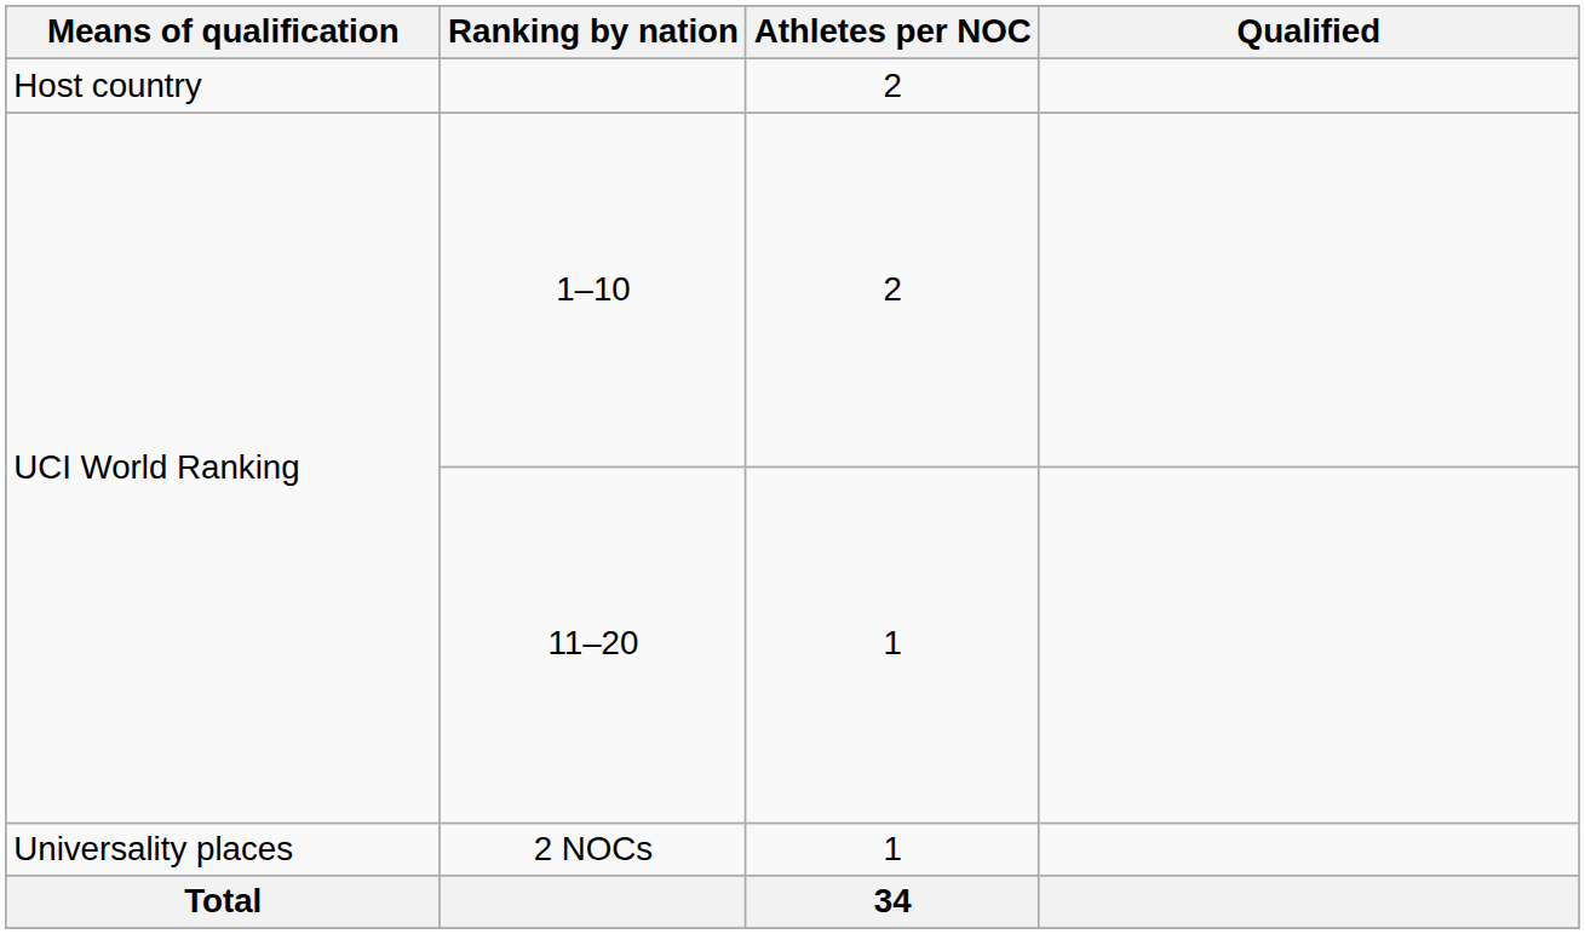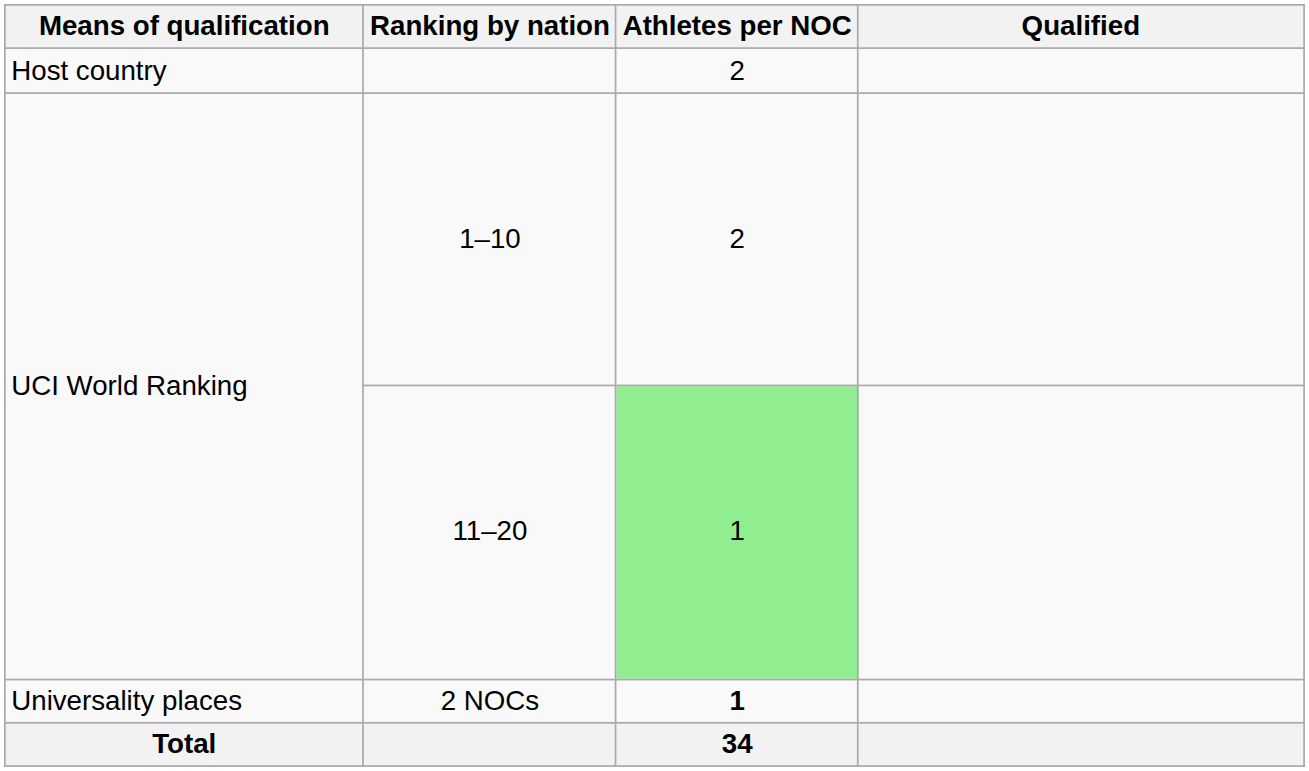 <table class="wikitable"  style="text-align:center;">
 <tr>
 <th width="200">Means of qualification</th>
 <th>Ranking by nation</th>
 <th>Athletes per NOC</th>
 <th width="250">Qualified</th>
 </tr>
 <tr>
 <td style="text-align:left;">Host country</td>
 <td></td>
 <td>2</td>
 <td align="left"></td>
 </tr>
 <tr>
 <td style="text-align:left;" rowspan="2">UCI World Ranking</td>
 <td>1–10</td>
 <td>2</td>
 <td align="left"><br><br><br><br><br><br><br><br><br></td>
 </tr>
 <tr>
 <td>11–20</td>
-<td>1</td>
+<td style="background: lightgreen;">1</td>
 <td align="left"><br><br><br><br><br><br><br><br><br></td>
 </tr>
 <tr>
 <td style="text-align:left;">Universality places</td>
 <td>2 NOCs</td>
-<td>1</td>
+<td><strong>1</strong></td>
 <td align="left"><br></td>
 </tr>
 <tr>
 <th>Total</th>
 <th></th>
 <th>34</th>
 <th></th>
 </tr>
 </table>
